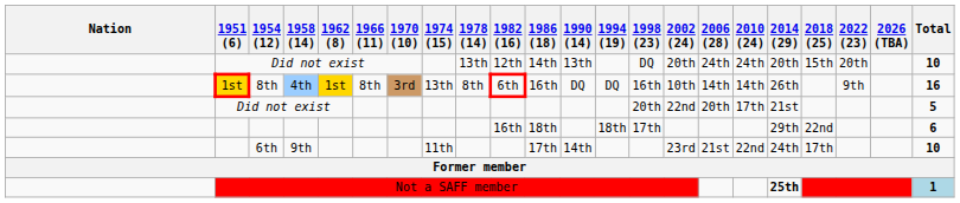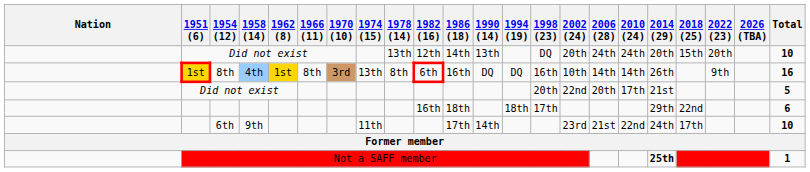 <table class="wikitable" style="text-align:center; font-size:90%">
 <tr>
 <th width=200>Nation</th>
 <th><br><a href='#'>1951</a><br>(6)</th>
 <th><br><a href='#'>1954</a><br>(12)</th>
 <th><br><a href='#'>1958</a><br>(14)</th>
 <th><br><a href='#'>1962</a><br>(8)</th>
 <th><br><a href='#'>1966</a><br>(11)</th>
 <th><br><a href='#'>1970</a><br>(10)</th>
 <th><br><a href='#'>1974</a><br>(15)</th>
 <th><br><a href='#'>1978</a><br>(14)</th>
 <th><br><a href='#'>1982</a><br>(16)</th>
 <th><br><a href='#'>1986</a><br>(18)</th>
 <th><br><a href='#'>1990</a><br>(14)</th>
 <th><br><a href='#'>1994</a><br>(19)</th>
 <th><br><a href='#'>1998</a><br>(23)</th>
 <th><br><a href='#'>2002</a><br>(24)</th>
 <th><br><a href='#'>2006</a><br>(28)</th>
 <th><br><a href='#'>2010</a><br>(24)</th>
 <th><br><a href='#'>2014</a><br>(29)</th>
 <th><br><a href='#'>2018</a><br>(25)</th>
 <th><br><a href='#'>2022</a><br>(23)</th>
 <th><br><a href='#'>2026</a><br>(TBA)</th>
 <th>Total</th>
 </tr>
 <tr>
 <td align=left></td>
 <td colspan=6><em>Did not exist</em></td>
 <td></td>
 <td>13th</td>
 <td>12th</td>
 <td>14th</td>
 <td>13th</td>
 <td></td>
 <td>DQ</td>
 <td>20th</td>
 <td>24th</td>
 <td>24th</td>
 <td>20th</td>
 <td>15th</td>
 <td>20th</td>
 <td></td>
 <td><strong>10</strong></td>
 </tr>
 <tr>
 <td align=left></td>
 <td style="border: 3px solid red" bgcolor=gold>1st</td>
 <td>8th</td>
 <td bgcolor=#9acdff>4th</td>
 <td bgcolor=gold>1st</td>
 <td>8th</td>
 <td bgcolor=#cc9966>3rd</td>
 <td>13th</td>
 <td>8th</td>
 <td style="border: 3px solid red">6th</td>
 <td>16th</td>
 <td>DQ</td>
 <td>DQ</td>
 <td>16th</td>
 <td>10th</td>
 <td>14th</td>
 <td>14th</td>
 <td>26th</td>
 <td></td>
 <td>9th</td>
 <td></td>
 <td><strong>16</strong></td>
 </tr>
 <tr>
 <td align=left></td>
 <td colspan=4><em>Did not exist</em></td>
 <td></td>
 <td></td>
 <td></td>
 <td></td>
 <td></td>
 <td></td>
 <td></td>
 <td></td>
 <td>20th</td>
 <td>22nd</td>
 <td>20th</td>
 <td>17th</td>
 <td>21st</td>
 <td></td>
 <td></td>
 <td></td>
 <td><strong>5</strong></td>
 </tr>
 <tr>
 <td align=left></td>
 <td></td>
 <td></td>
 <td></td>
 <td></td>
 <td></td>
 <td></td>
 <td></td>
 <td></td>
 <td>16th</td>
 <td>18th</td>
 <td></td>
 <td>18th</td>
 <td>17th</td>
 <td></td>
 <td></td>
 <td></td>
 <td>29th</td>
 <td>22nd</td>
 <td></td>
 <td></td>
 <td><strong>6</strong></td>
 </tr>
 <tr>
 <td align=left></td>
 <td></td>
 <td>6th</td>
 <td>9th</td>
 <td></td>
 <td></td>
 <td></td>
 <td>11th</td>
 <td></td>
 <td></td>
 <td>17th</td>
 <td>14th</td>
 <td></td>
 <td></td>
 <td>23rd</td>
 <td>21st</td>
 <td>22nd</td>
 <td>24th</td>
 <td>17th</td>
 <td></td>
 <td></td>
 <td><strong>10</strong></td>
 </tr>
 <tr>
 <th colspan="22">Former member</th>
 </tr>
 <tr>
 <td align=left></td>
 <td colspan=14 bgcolor=red>Not a SAFF member</td>
 <td></td>
 <td></td>
 <td><strong>25th</strong></td>
 <td colspan="3" bgcolor=red></td>
-<td style="background: lightblue;"><strong>1</strong></td>
+<td><strong>1</strong></td>
 </tr>
 </table>
